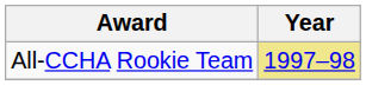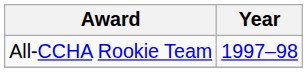 <table class="wikitable">
 <tr>
 <th>Award</th>
 <th>Year</th>
 </tr>
 <tr>
 <td>All-<a href='#'>CCHA</a> <a href='#'>Rookie Team</a></td>
-<td style="background: khaki;"><a href='#'>1997–98</a></td>
+<td><a href='#'>1997–98</a></td>
 </tr>
 <tr>
 </tr>
 </table>
